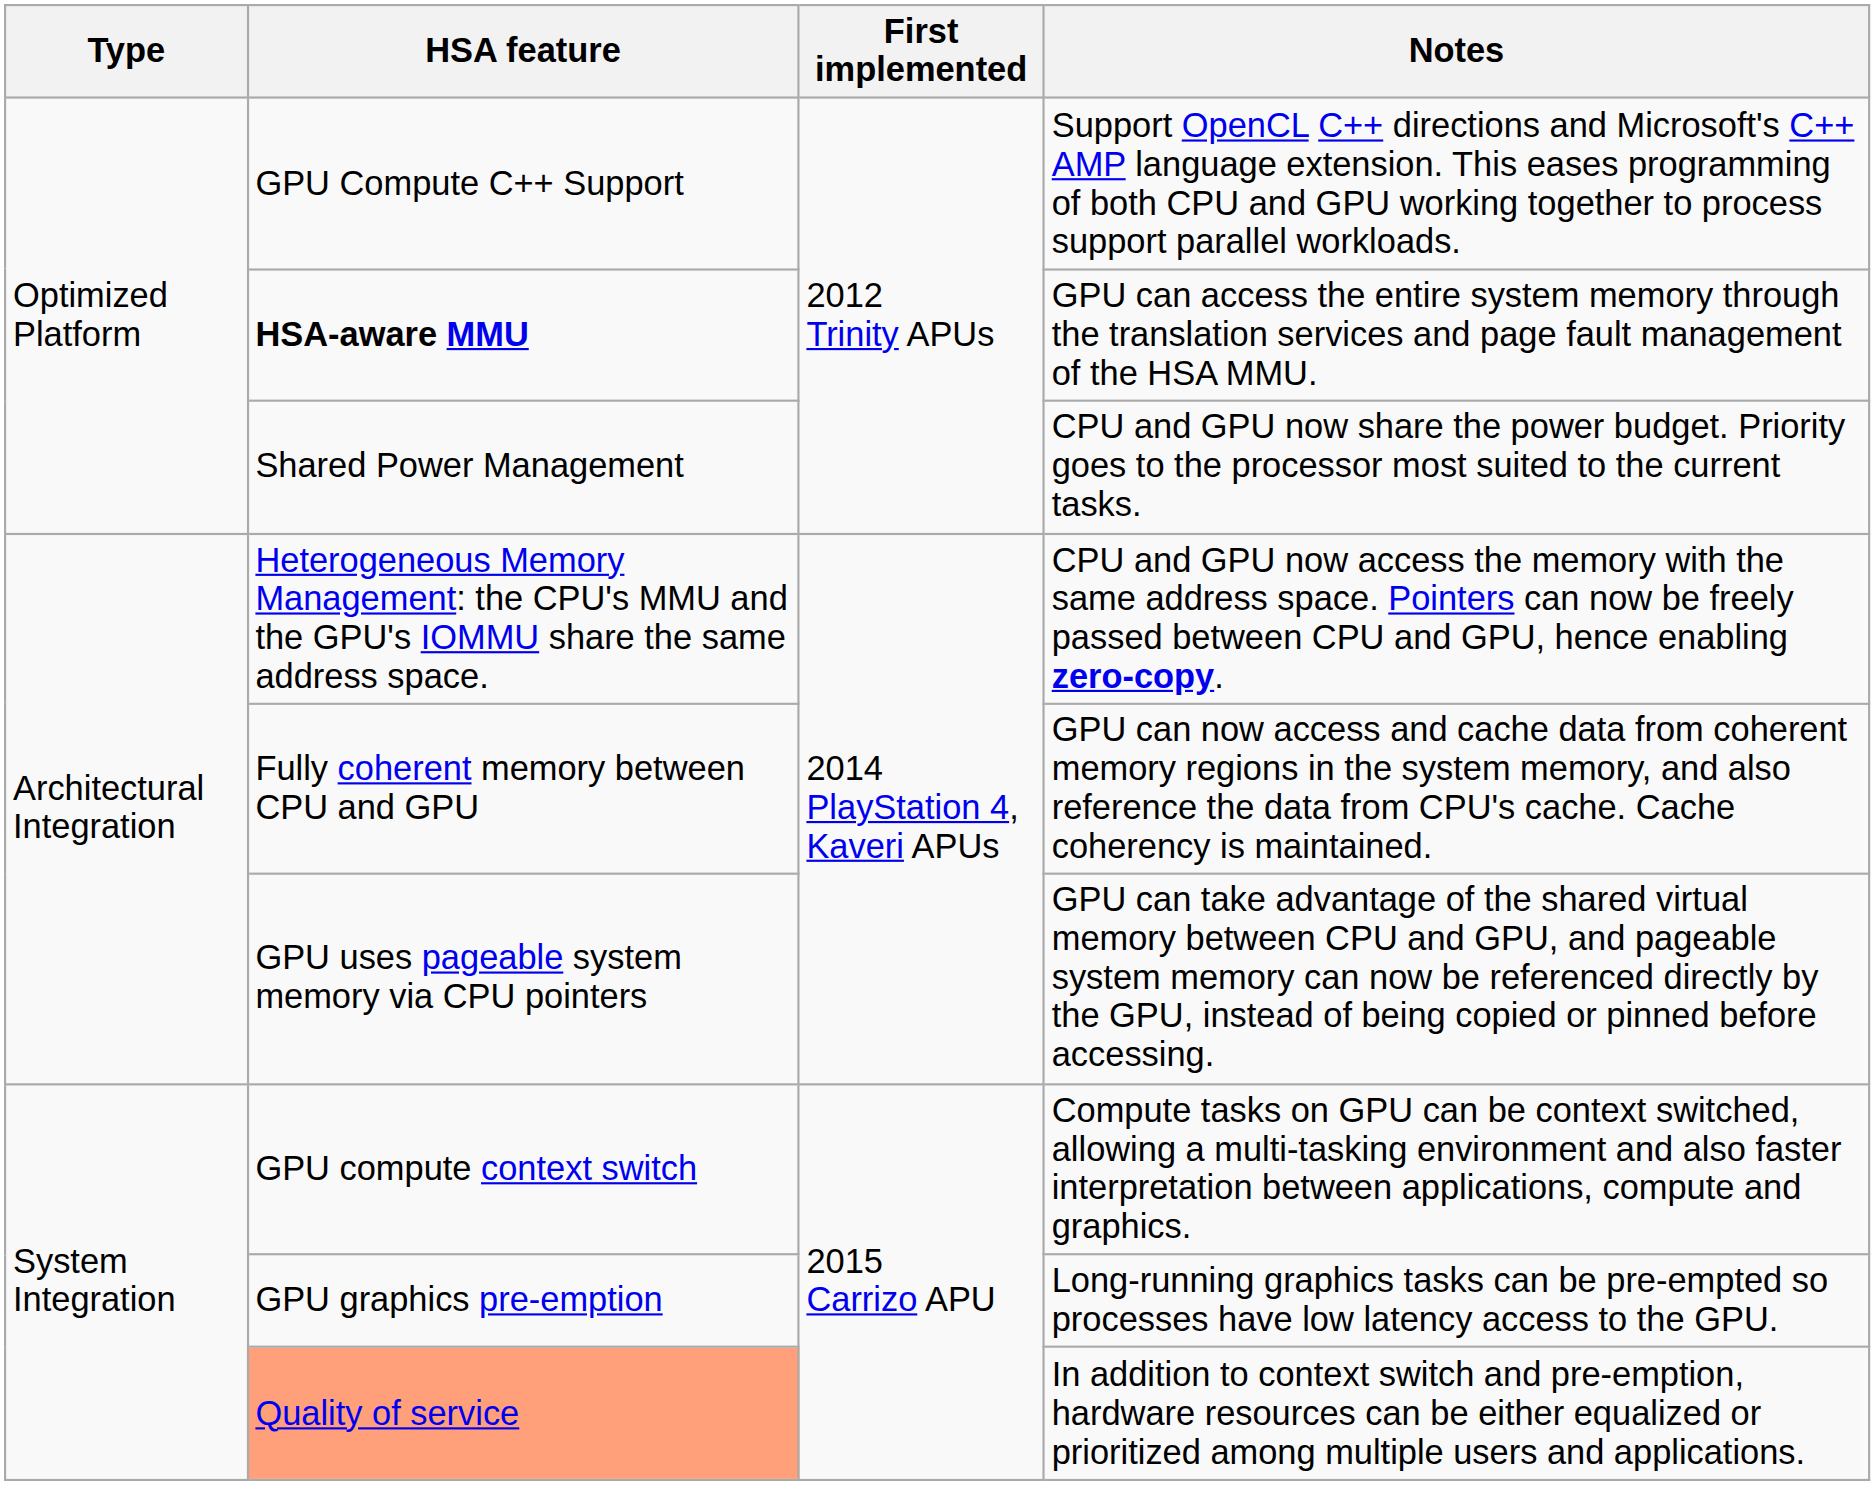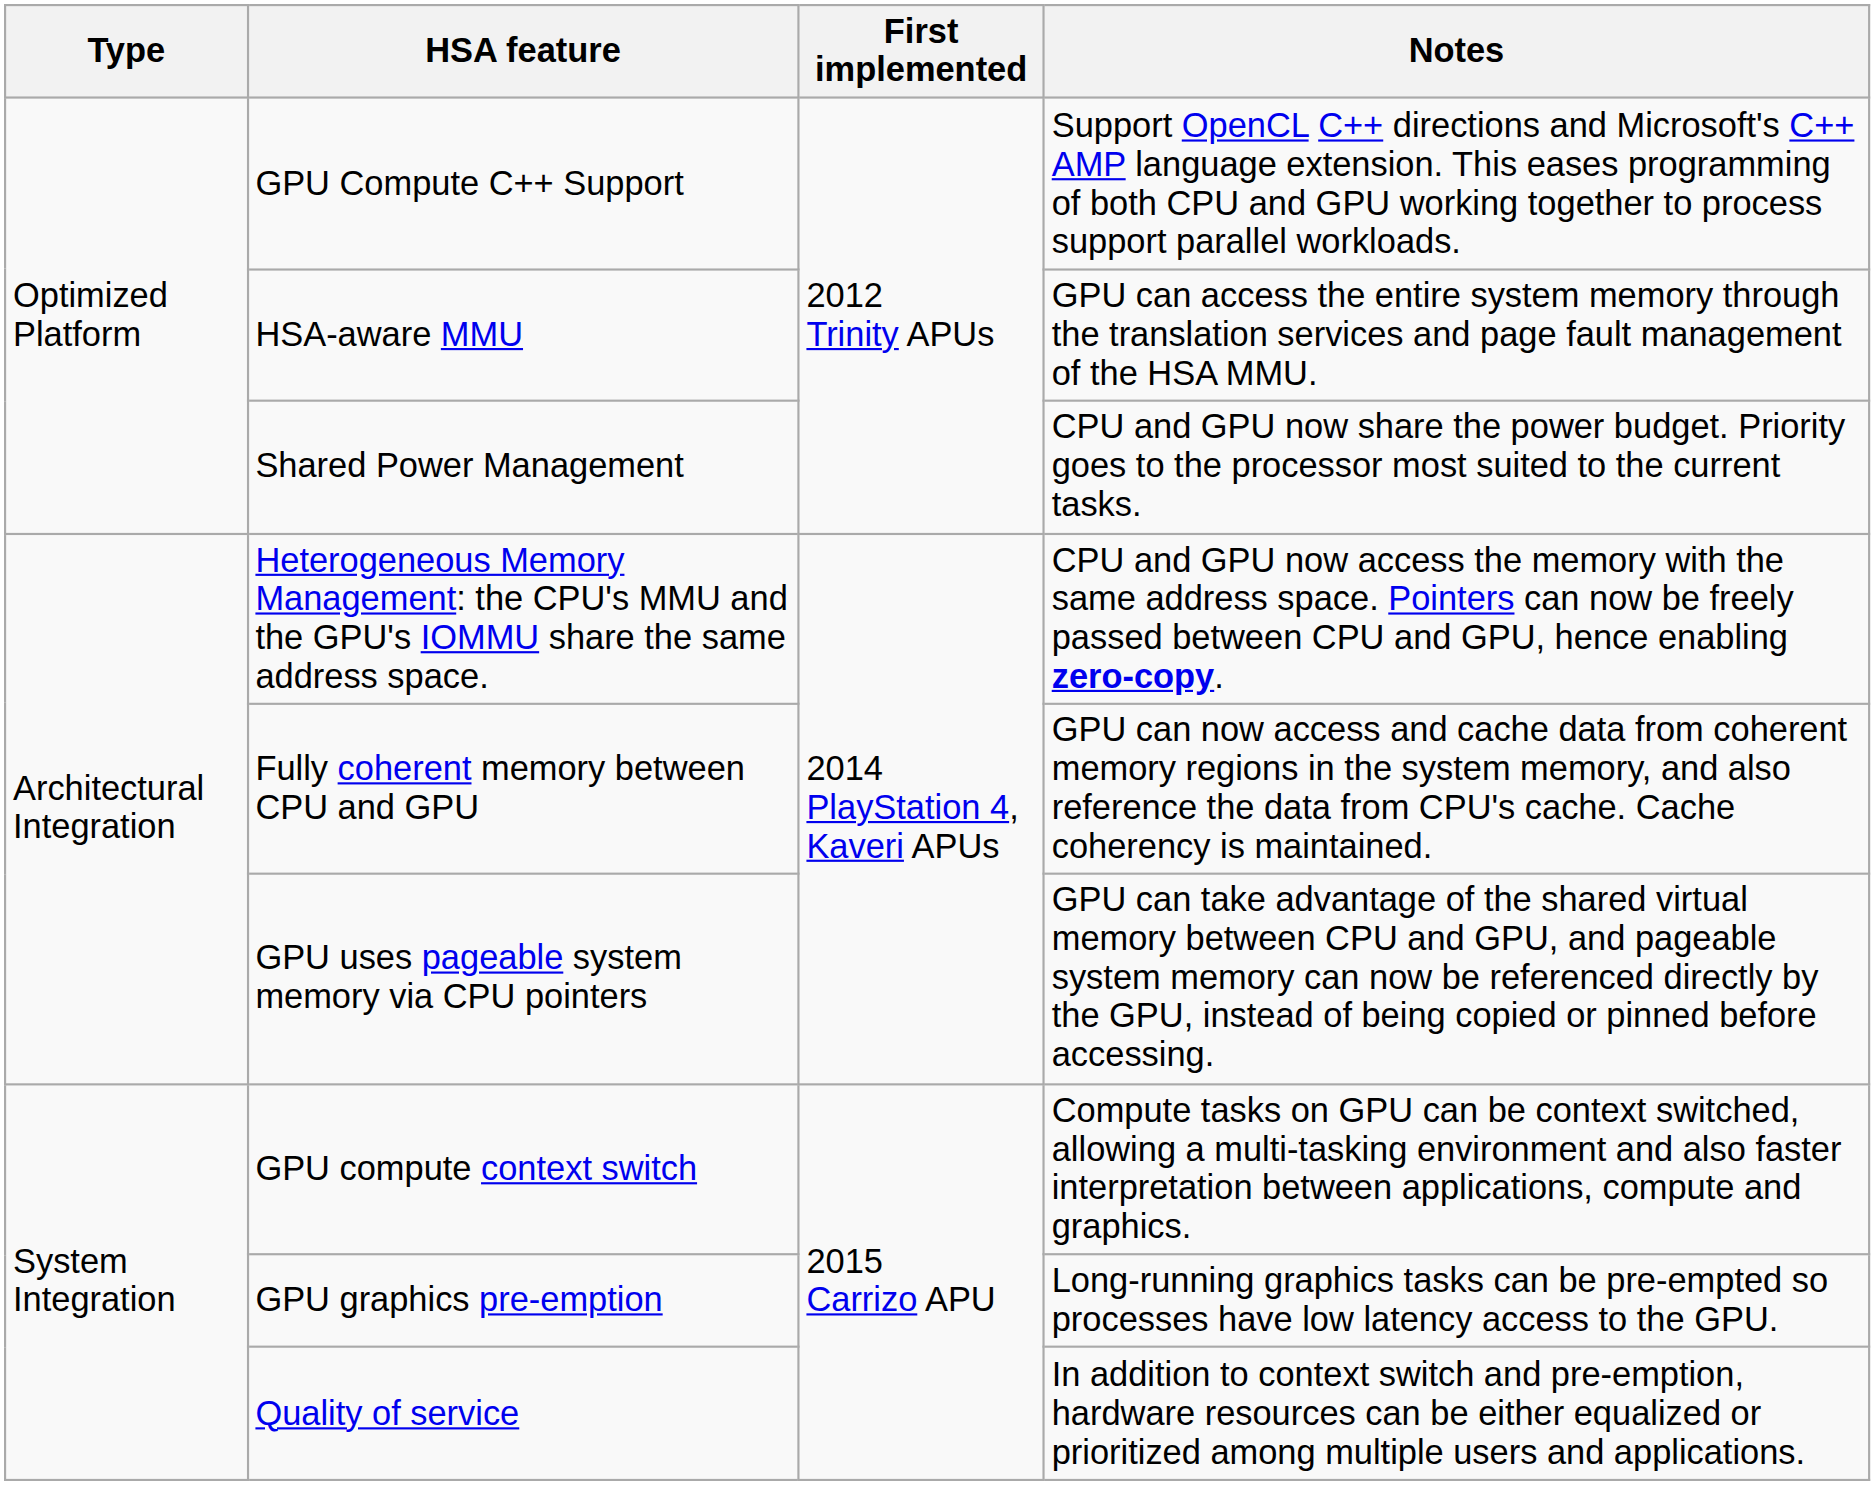 <table class="wikitable sortable">
 <tr>
 <th>Type</th>
 <th>HSA feature</th>
 <th>First implemented</th>
 <th>Notes</th>
 </tr>
 <tr>
 <td rowspan="3">Optimized Platform</td>
 <td>GPU Compute C++ Support</td>
 <td rowspan="3">2012<br><a href='#'>Trinity</a> APUs</td>
 <td>Support <a href='#'>OpenCL</a> <a href='#'>C++</a> directions and Microsoft's <a href='#'>C++ AMP</a> language extension. This eases programming of both CPU and GPU working together to process support parallel workloads.</td>
 </tr>
 <tr>
-<td><strong>HSA-aware <a href='#'>MMU</a></strong></td>
+<td>HSA-aware <a href='#'>MMU</a></td>
 <td>GPU can access the entire system memory through the translation services and page fault management of the HSA MMU.</td>
 </tr>
 <tr>
 <td>Shared Power Management</td>
 <td>CPU and GPU now share the power budget. Priority goes to the processor most suited to the current tasks.</td>
 </tr>
 <tr>
 <td rowspan="3">Architectural Integration</td>
 <td><a href='#'>Heterogeneous Memory Management</a>: the CPU's MMU and the GPU's <a href='#'>IOMMU</a> share the same address space.</td>
 <td rowspan="3">2014<br><a href='#'>PlayStation 4</a>,<br><a href='#'>Kaveri</a> APUs</td>
 <td>CPU and GPU now access the memory with the same address space. <a href='#'>Pointers</a> can now be freely passed between CPU and GPU, hence enabling <strong><a href='#'>zero-copy</a></strong>.</td>
 </tr>
 <tr>
 <td>Fully <a href='#'>coherent</a> memory between CPU and GPU</td>
 <td>GPU can now access and cache data from coherent memory regions in the system memory, and also reference the data from CPU's cache. Cache coherency is maintained.</td>
 </tr>
 <tr>
 <td>GPU uses <a href='#'>pageable</a> system memory via CPU pointers</td>
 <td>GPU can take advantage of the shared virtual memory between CPU and GPU, and pageable system memory can now be referenced directly by the GPU, instead of being copied or pinned before accessing.</td>
 </tr>
 <tr>
 <td rowspan="3">System Integration</td>
 <td>GPU compute <a href='#'>context switch</a></td>
 <td rowspan="3">2015<br><a href='#'>Carrizo</a> APU</td>
 <td>Compute tasks on GPU can be context switched, allowing a multi-tasking environment and also faster interpretation between applications, compute and graphics.</td>
 </tr>
 <tr>
 <td>GPU graphics <a href='#'>pre-emption</a></td>
 <td>Long-running graphics tasks can be pre-empted so processes have low latency access to the GPU.</td>
 </tr>
 <tr>
-<td style="background: lightsalmon;"><a href='#'>Quality of service</a></td>
+<td><a href='#'>Quality of service</a></td>
 <td>In addition to context switch and pre-emption, hardware resources can be either equalized or prioritized among multiple users and applications.</td>
 </tr>
 </table>
